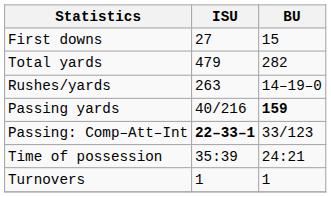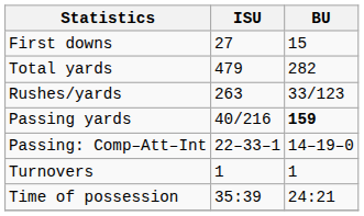 <table class="wikitable" style="float: left;">
 <tr>
 <th>Statistics</th>
 <th>ISU</th>
 <th>BU</th>
 </tr>
 <tr>
 <td>First downs</td>
 <td>27</td>
 <td>15</td>
 </tr>
 <tr>
 <td>Total yards</td>
 <td>479</td>
 <td>282</td>
 </tr>
 <tr>
 <td>Rushes/yards</td>
 <td>263</td>
-<td>14–19–0</td>
+<td>33/123</td>
 </tr>
 <tr>
 <td>Passing yards</td>
 <td>40/216</td>
 <td><strong>159</strong></td>
 </tr>
 <tr>
 <td>Passing: Comp–Att–Int</td>
-<td><strong>22–33–1</strong></td>
-<td>33/123</td>
+<td>22–33–1</td>
+<td>14–19–0</td>
+</tr>
+<tr>
+<td>Turnovers</td>
+<td>1</td>
+<td>1</td>
 </tr>
 <tr>
 <td>Time of possession</td>
 <td>35:39</td>
 <td>24:21</td>
 </tr>
 <tr>
-<td>Turnovers</td>
-<td>1</td>
-<td>1</td>
-</tr>
-<tr>
 </tr>
 </table>
